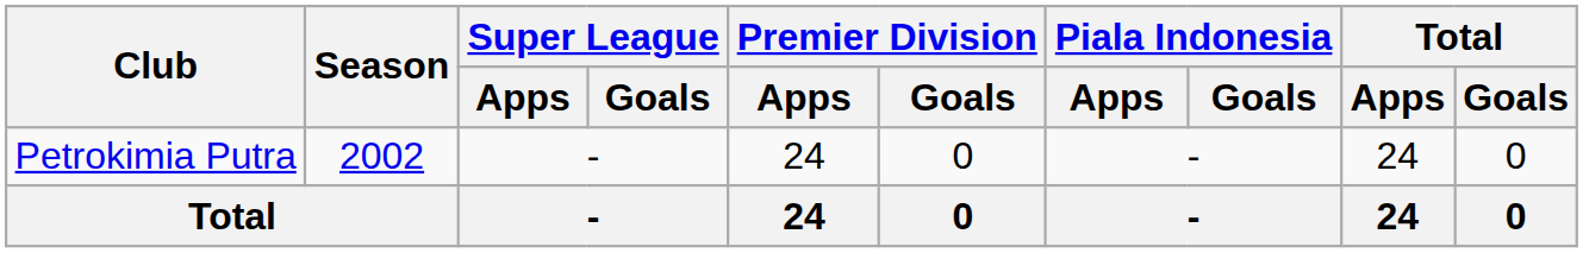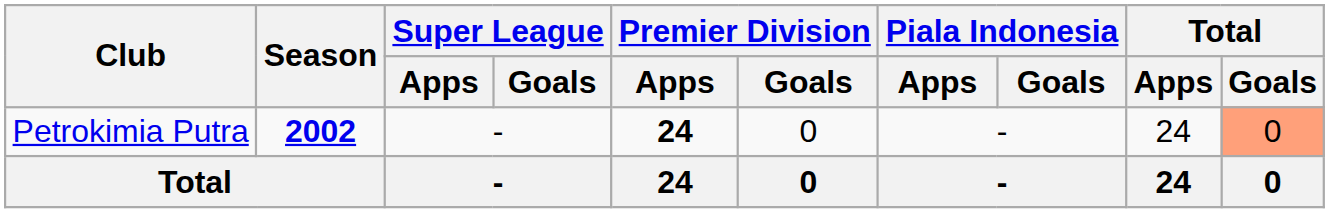 <table class="wikitable" style="font-size:90%; text-align:center;">
 <tr>
 <th rowspan="2">Club</th>
 <th rowspan="2">Season</th>
 <th colspan="2"><a href='#'>Super League</a></th>
 <th colspan="2"><a href='#'>Premier Division</a></th>
 <th colspan="2"><a href='#'>Piala Indonesia</a></th>
 <th colspan="2">Total</th>
 </tr>
 <tr>
 <th>Apps</th>
 <th>Goals</th>
 <th>Apps</th>
 <th>Goals</th>
 <th>Apps</th>
 <th>Goals</th>
 <th>Apps</th>
 <th>Goals</th>
 </tr>
 <tr>
 <td rowspan="1"><a href='#'>Petrokimia Putra</a></td>
-<td><a href='#'>2002</a></td>
+<td><strong><a href='#'>2002</a></strong></td>
 <td colspan="2">-</td>
-<td>24</td>
+<td><strong>24</strong></td>
 <td>0</td>
 <td colspan="2">-</td>
 <td>24</td>
-<td>0</td>
+<td style="background: lightsalmon;">0</td>
 </tr>
 <tr>
 <th colspan="2">Total</th>
 <th colspan="2">-</th>
 <th>24</th>
 <th>0</th>
 <th colspan="2">-</th>
 <th>24</th>
 <th>0</th>
 </tr>
 </table>
